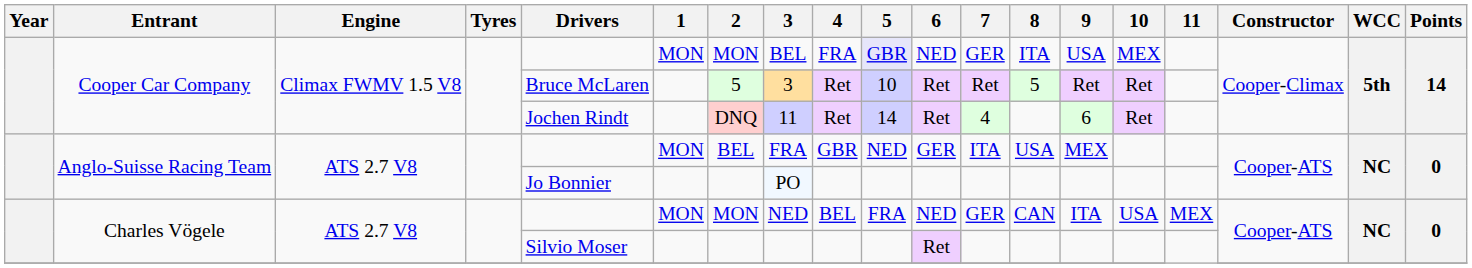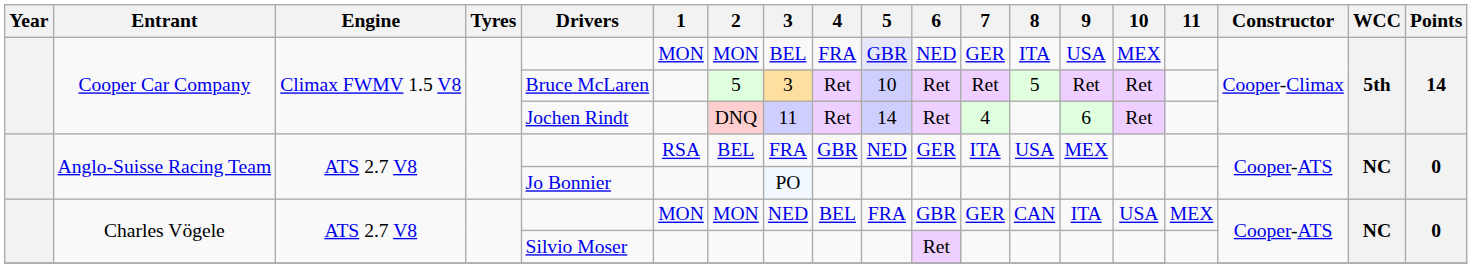 <table class="wikitable" style="font-size:90%; text-align:center">
 <tr>
 <th>Year</th>
 <th>Entrant</th>
 <th>Engine</th>
 <th>Tyres</th>
 <th>Drivers</th>
 <th>1</th>
 <th>2</th>
 <th>3</th>
 <th>4</th>
 <th>5</th>
 <th>6</th>
 <th>7</th>
 <th>8</th>
 <th>9</th>
 <th>10</th>
 <th>11</th>
 <th>Constructor</th>
 <th>WCC</th>
 <th>Points</th>
 </tr>
 <tr>
 <th rowspan="3"></th>
 <td rowspan="3"><a href='#'>Cooper Car Company</a></td>
 <td rowspan="3"><a href='#'>Climax FWMV</a> 1.5 <a href='#'>V8</a></td>
 <td rowspan="3"></td>
 <td></td>
 <td><a href='#'>MON</a></td>
 <td><a href='#'>MON</a></td>
 <td><a href='#'>BEL</a></td>
 <td><a href='#'>FRA</a></td>
 <td style="background: lavender;"><a href='#'>GBR</a></td>
 <td><a href='#'>NED</a></td>
 <td><a href='#'>GER</a></td>
 <td><a href='#'>ITA</a></td>
 <td><a href='#'>USA</a></td>
 <td><a href='#'>MEX</a></td>
 <td></td>
 <td rowspan="3"><a href='#'>Cooper</a>-<a href='#'>Climax</a></td>
 <th rowspan="3">5th</th>
 <th rowspan="3">14</th>
 </tr>
 <tr>
 <td style="text-align:left"><a href='#'>Bruce McLaren</a></td>
 <td></td>
 <td style="background:#DFFFDF">5</td>
 <td style="background:#ffdf9f;">3</td>
 <td style="background:#efcfff;">Ret</td>
 <td style="background:#cfcfff;">10</td>
 <td style="background:#efcfff;">Ret</td>
 <td style="background:#efcfff;">Ret</td>
 <td style="background:#dfffdf;">5</td>
 <td style="background:#efcfff;">Ret</td>
 <td style="background:#efcfff;">Ret</td>
 <td></td>
 </tr>
 <tr>
 <td style="text-align:left"><a href='#'>Jochen Rindt</a></td>
 <td></td>
 <td style="background:#ffcfcf;">DNQ</td>
 <td style="background:#cfcfff;">11</td>
 <td style="background:#efcfff;">Ret</td>
 <td style="background:#cfcfff;">14</td>
 <td style="background:#efcfff;">Ret</td>
 <td style="background:#dfffdf;">4</td>
 <td></td>
 <td style="background:#dfffdf;">6</td>
 <td style="background:#efcfff;">Ret</td>
 </tr>
 <tr>
 <th rowspan="2"></th>
 <td rowspan="2"><a href='#'>Anglo-Suisse Racing Team</a></td>
 <td rowspan="2"><a href='#'>ATS</a> 2.7 <a href='#'>V8</a></td>
 <td rowspan="2"></td>
 <td></td>
-<td><a href='#'>MON</a></td>
+<td><a href='#'>RSA</a></td>
 <td><a href='#'>BEL</a></td>
 <td><a href='#'>FRA</a></td>
 <td><a href='#'>GBR</a></td>
 <td><a href='#'>NED</a></td>
 <td><a href='#'>GER</a></td>
 <td><a href='#'>ITA</a></td>
 <td><a href='#'>USA</a></td>
 <td><a href='#'>MEX</a></td>
 <td></td>
 <td></td>
 <td rowspan="2"><a href='#'>Cooper</a>-<a href='#'>ATS</a></td>
 <th rowspan="2">NC</th>
 <th rowspan="2">0</th>
 </tr>
 <tr>
 <td style="text-align:left"><a href='#'>Jo Bonnier</a></td>
 <td></td>
 <td></td>
 <td style="background:#F1F8FF;">PO</td>
 <td></td>
 <td></td>
 <td></td>
 <td></td>
 <td></td>
 <td></td>
 <td></td>
 <td></td>
 </tr>
 <tr>
 <th rowspan="2"></th>
 <td rowspan="2">Charles Vögele</td>
 <td rowspan="2"><a href='#'>ATS</a> 2.7 <a href='#'>V8</a></td>
 <td rowspan="2"></td>
 <td></td>
 <td><a href='#'>MON</a></td>
 <td><a href='#'>MON</a></td>
 <td><a href='#'>NED</a></td>
 <td><a href='#'>BEL</a></td>
 <td><a href='#'>FRA</a></td>
-<td><a href='#'>NED</a></td>
+<td><a href='#'>GBR</a></td>
 <td><a href='#'>GER</a></td>
 <td><a href='#'>CAN</a></td>
 <td><a href='#'>ITA</a></td>
 <td><a href='#'>USA</a></td>
 <td><a href='#'>MEX</a></td>
 <td rowspan="2"><a href='#'>Cooper</a>-<a href='#'>ATS</a></td>
 <th rowspan="2">NC</th>
 <th rowspan="2">0</th>
 </tr>
 <tr>
 <td style="text-align:left"><a href='#'>Silvio Moser</a></td>
 <td></td>
 <td></td>
 <td></td>
 <td></td>
 <td></td>
 <td style="background:#efcfff;">Ret</td>
 <td></td>
 <td></td>
 <td></td>
 <td></td>
 </tr>
 <tr>
 </tr>
 </table>
